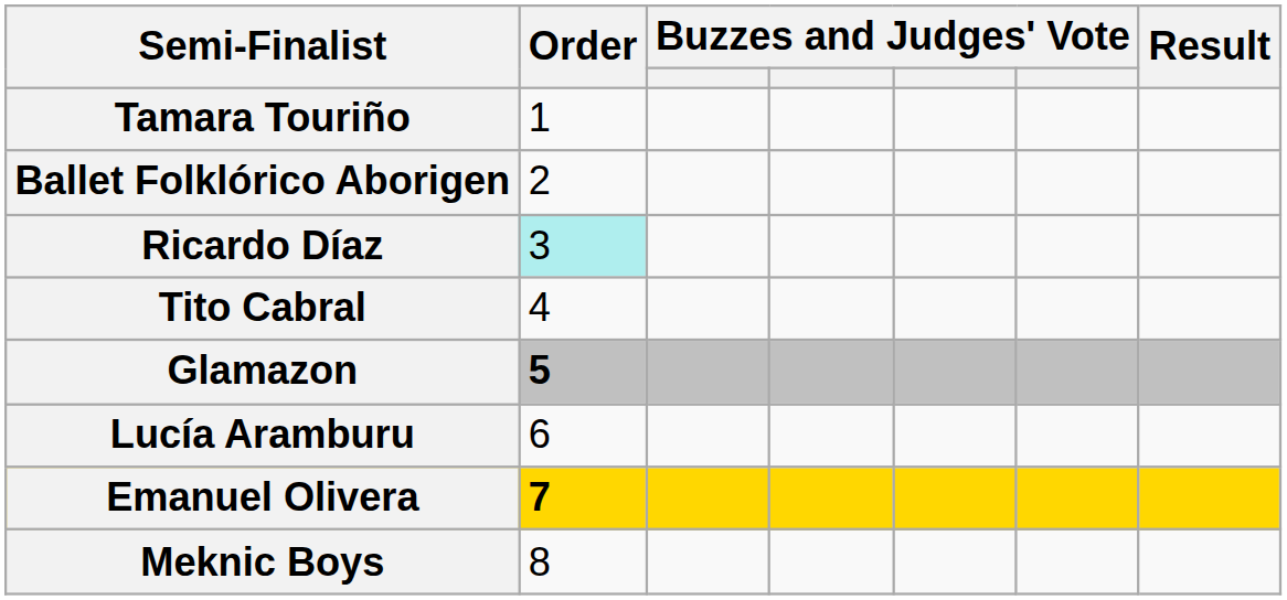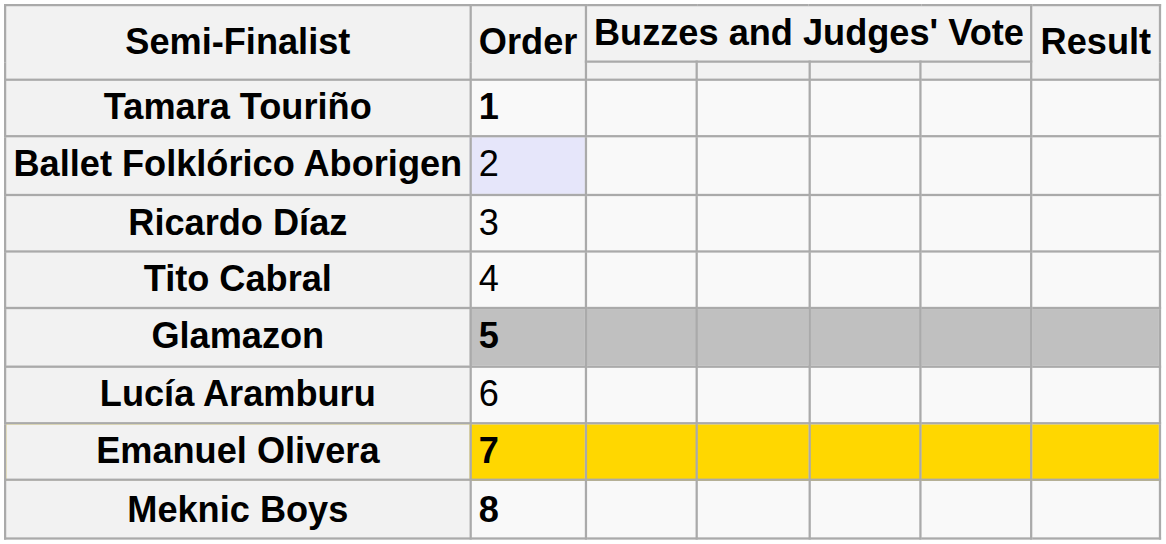 <table class="wikitable plainrowheaders sortable">
 <tr>
 <th rowspan="2" class="unsortable" scope="col">Semi-Finalist</th>
 <th rowspan="2" scope="col">Order</th>
 <th colspan="4" class="unsortable" scope="col">Buzzes and Judges' Vote</th>
 <th rowspan="2" scope="col">Result</th>
 </tr>
 <tr>
 <th class="unsortable" scope="col"></th>
 <th class="unsortable" scope="col"></th>
 <th class="unsortable" scope="col"></th>
 <th></th>
 </tr>
 <tr>
 <th scope="row">Tamara Touriño</th>
-<td>1</td>
+<td><strong>1</strong></td>
 <td></td>
 <td></td>
 <td></td>
 <td></td>
 <td></td>
 </tr>
 <tr>
 <th scope="row">Ballet Folklórico Aborigen</th>
-<td>2</td>
+<td style="background: lavender;">2</td>
 <td></td>
 <td></td>
 <td></td>
 <td></td>
 <td></td>
 </tr>
 <tr>
 <th scope="row">Ricardo Díaz</th>
-<td style="background: paleturquoise;">3</td>
+<td>3</td>
 <td style="text-align:center;"></td>
 <td></td>
 <td></td>
 <td></td>
 <td></td>
 </tr>
 <tr>
 <th scope="row">Tito Cabral</th>
 <td>4</td>
 <td></td>
 <td></td>
 <td></td>
 <td></td>
 <td></td>
 </tr>
 <tr bgcolor="silver">
 <th scope="row">Glamazon</th>
 <td><strong>5</strong></td>
 <td></td>
 <td></td>
 <td style="text-align:center;"></td>
 <td style="text-align:center;"></td>
 <td><strong></strong></td>
 </tr>
 <tr>
 <th scope="row">Lucía Aramburu</th>
 <td>6</td>
 <td></td>
 <td></td>
 <td></td>
 <td></td>
 <td></td>
 </tr>
 <tr bgcolor="gold">
 <th scope="row">Emanuel Olivera</th>
 <td><strong>7</strong></td>
 <td></td>
 <td></td>
 <td></td>
 <td></td>
 <td><strong></strong></td>
 </tr>
 <tr>
 <th scope="row">Meknic Boys</th>
-<td>8</td>
+<td><strong>8</strong></td>
 <td></td>
 <td style="text-align:center;"></td>
 <td></td>
 <td></td>
 <td></td>
 </tr>
 </table>
